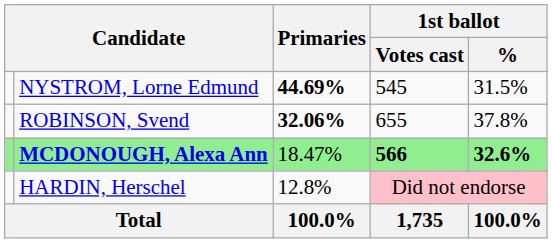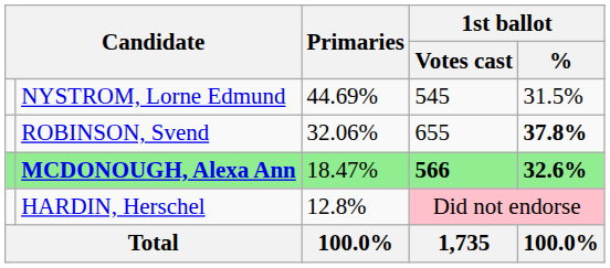 <table class="wikitable">
 <tr>
 <th rowspan="2" colspan="2">Candidate</th>
 <th rowspan="2">Primaries</th>
 <th colspan="2">1st ballot</th>
 </tr>
 <tr>
 <th>Votes cast</th>
 <th>%</th>
 </tr>
 <tr>
 <td></td>
 <td><a href='#'>NYSTROM, Lorne Edmund</a></td>
-<td><strong>44.69%</strong></td>
+<td>44.69%</td>
 <td>545</td>
 <td>31.5%</td>
 </tr>
 <tr>
 <td></td>
 <td><a href='#'>ROBINSON, Svend</a></td>
-<td><strong>32.06%</strong></td>
+<td>32.06%</td>
 <td>655</td>
-<td>37.8%</td>
+<td><strong>37.8%</strong></td>
 </tr>
 <tr style="background:lightgreen;">
 <td></td>
 <td><strong><a href='#'>MCDONOUGH, Alexa Ann</a></strong></td>
 <td>18.47%</td>
 <td><strong>566</strong></td>
 <td><strong>32.6%</strong></td>
 </tr>
 <tr>
 <td></td>
 <td><a href='#'>HARDIN, Herschel</a></td>
 <td>12.8%</td>
 <td style="text-align:center; background:pink;" colspan="2">Did not endorse</td>
 </tr>
 <tr>
 <th colspan="2">Total</th>
 <th>100.0%</th>
 <th>1,735</th>
 <th>100.0%</th>
 </tr>
 </table>
